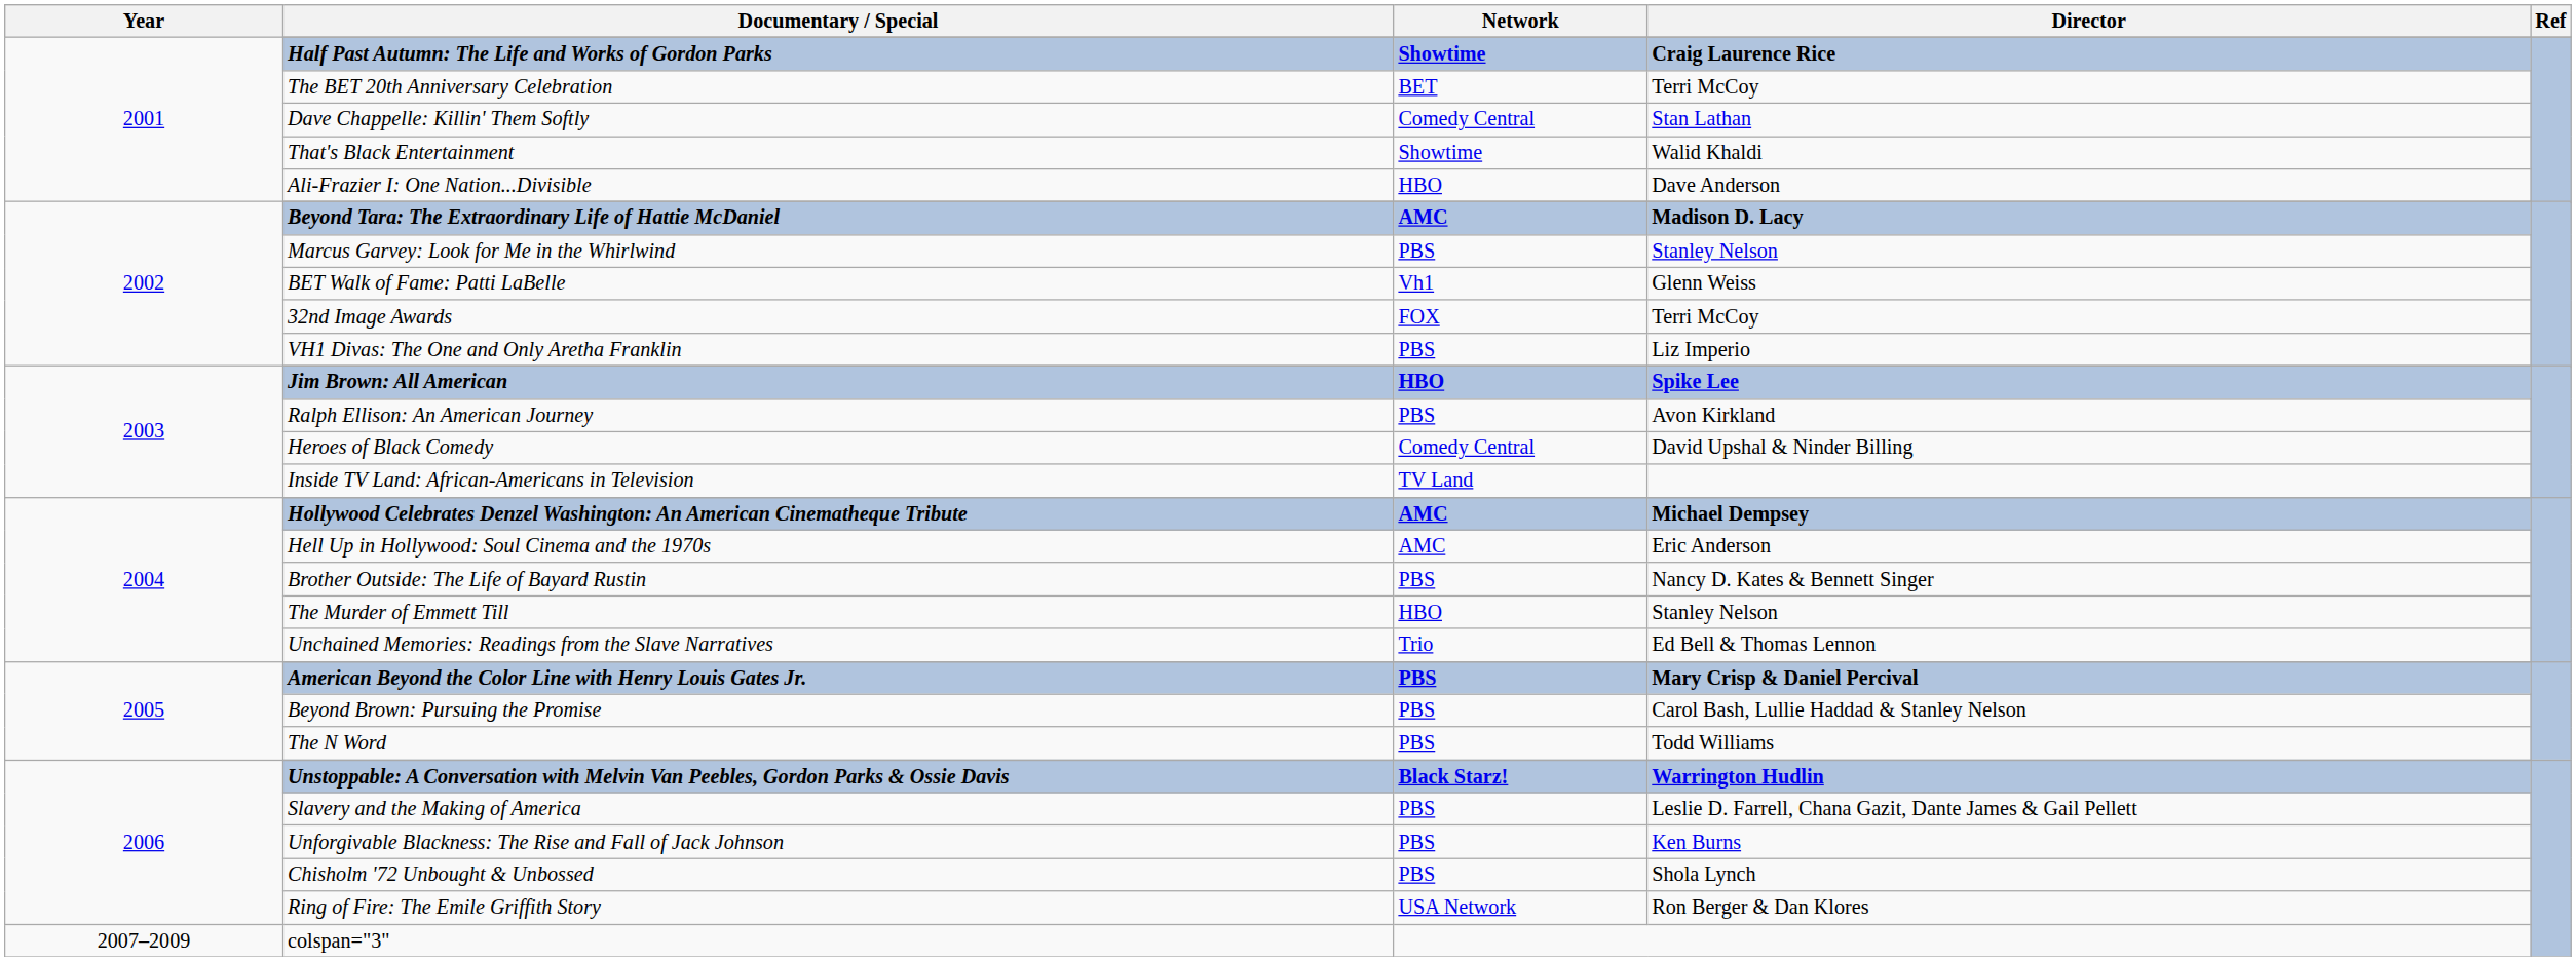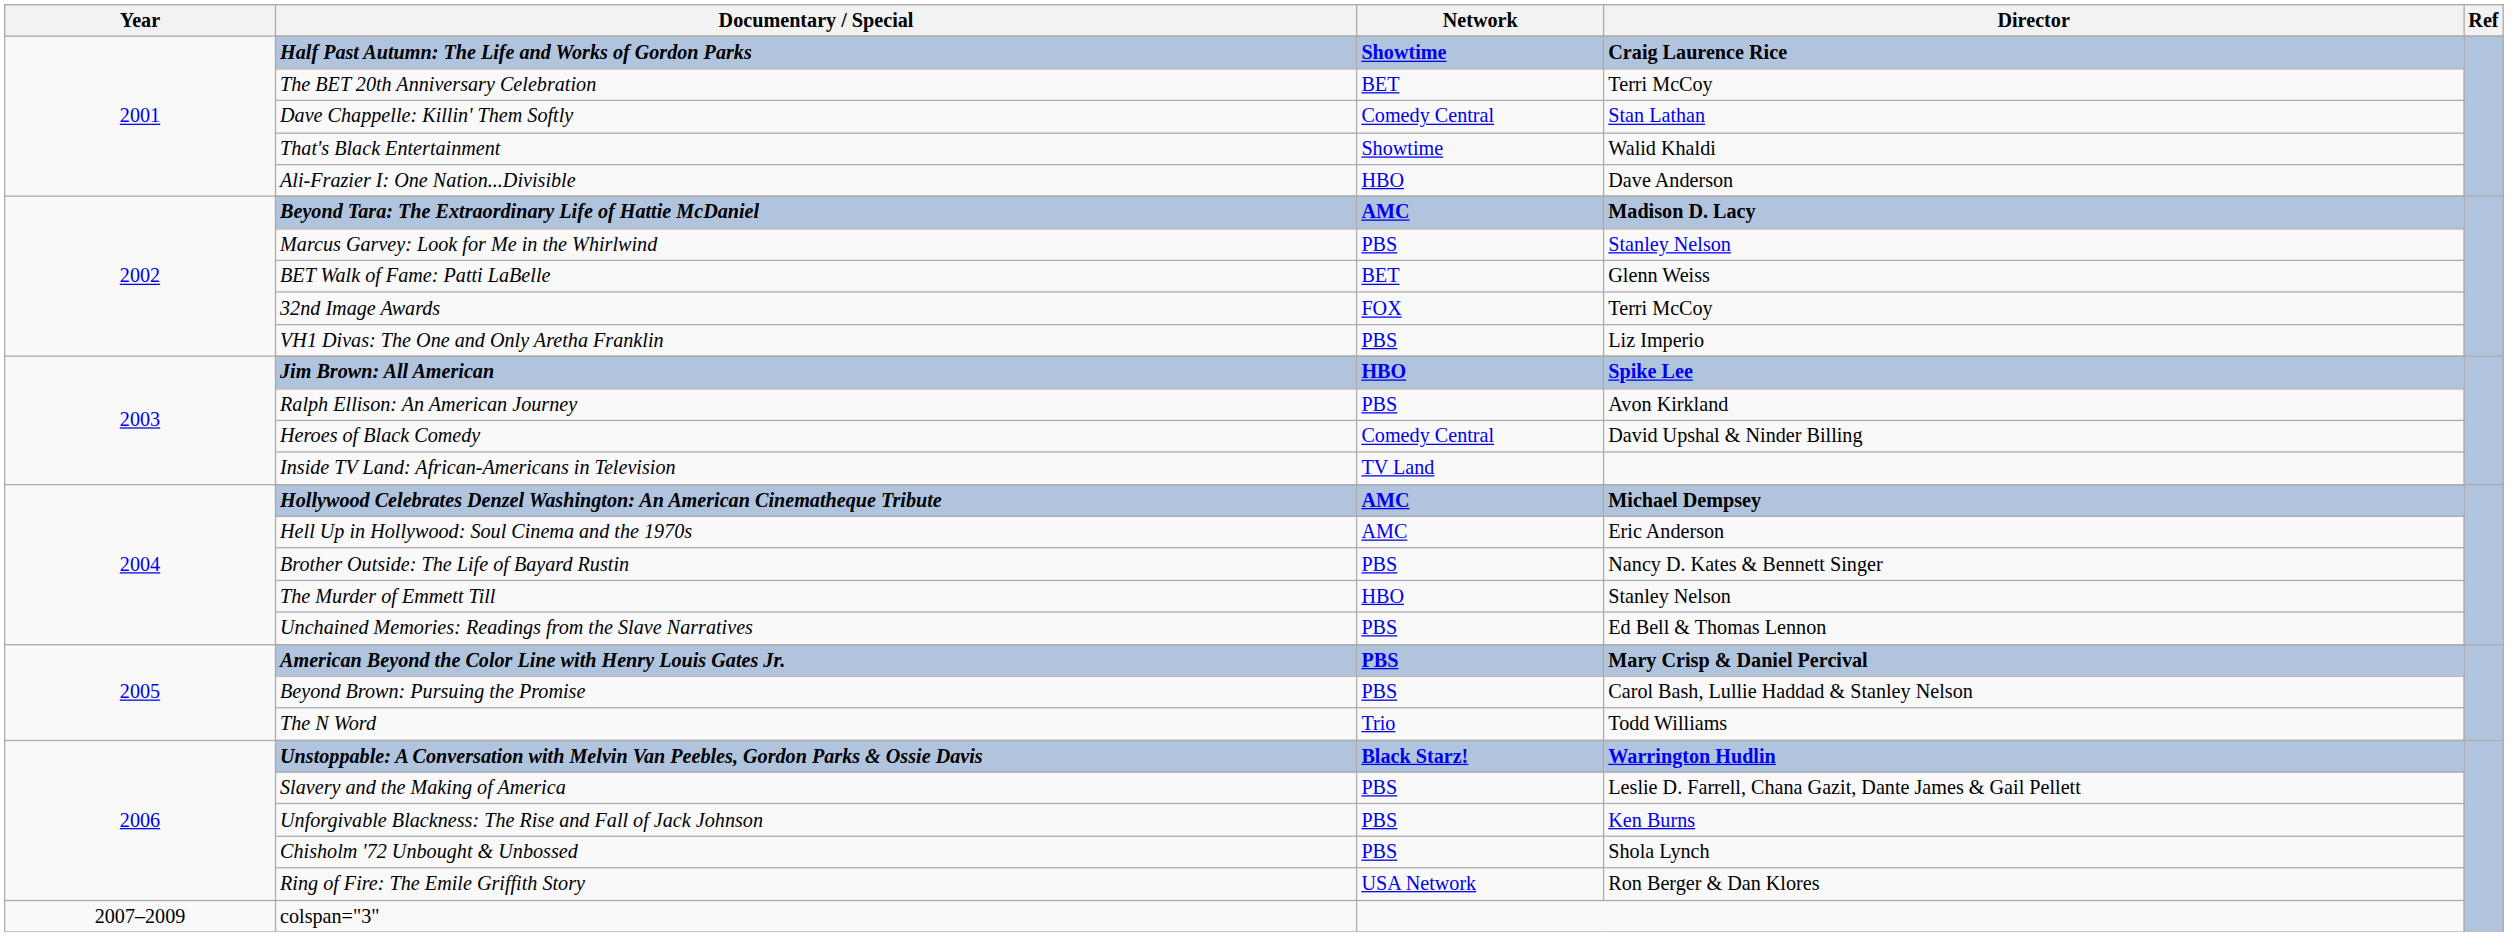 <table class="wikitable" style="width:100%;">
 <tr style="background:#bebebe;">
 <th style="width:11%;">Year</th>
 <th style="width:44%;">Documentary / Special</th>
 <th style="width:10%;">Network</th>
 <th style="width:35%;">Director</th>
 <th style="width:5%;">Ref</th>
 </tr>
 <tr>
 <td rowspan="6" align="center"><a href='#'>2001</a></td>
 </tr>
 <tr style="background:#B0C4DE">
 <td><strong><em>Half Past Autumn: The Life and Works of Gordon Parks</em></strong></td>
 <td><strong><a href='#'>Showtime</a></strong></td>
 <td><strong>Craig Laurence Rice</strong></td>
 <td rowspan="6" align="center"></td>
 </tr>
 <tr>
 <td><em>The BET 20th Anniversary Celebration</em></td>
 <td><a href='#'>BET</a></td>
 <td>Terri McCoy</td>
 </tr>
 <tr>
 <td><em>Dave Chappelle: Killin' Them Softly</em></td>
 <td><a href='#'>Comedy Central</a></td>
 <td><a href='#'>Stan Lathan</a></td>
 </tr>
 <tr>
 <td><em>That's Black Entertainment</em></td>
 <td><a href='#'>Showtime</a></td>
 <td>Walid Khaldi</td>
 </tr>
 <tr>
 <td><em>Ali-Frazier I: One Nation...Divisible</em></td>
 <td><a href='#'>HBO</a></td>
 <td>Dave Anderson</td>
 </tr>
 <tr>
 <td rowspan="6" align="center"><a href='#'>2002</a></td>
 </tr>
 <tr style="background:#B0C4DE">
 <td><strong><em>Beyond Tara: The Extraordinary Life of Hattie McDaniel</em></strong></td>
 <td><strong><a href='#'>AMC</a></strong></td>
 <td><strong>Madison D. Lacy</strong></td>
 <td rowspan="6" align="center"></td>
 </tr>
 <tr>
 <td><em>Marcus Garvey: Look for Me in the Whirlwind</em></td>
 <td><a href='#'>PBS</a></td>
 <td><a href='#'>Stanley Nelson</a></td>
 </tr>
 <tr>
 <td><em>BET Walk of Fame: Patti LaBelle</em></td>
-<td><a href='#'>Vh1</a></td>
+<td><a href='#'>BET</a></td>
 <td>Glenn Weiss</td>
 </tr>
 <tr>
 <td><em>32nd Image Awards</em></td>
 <td><a href='#'>FOX</a></td>
 <td>Terri McCoy</td>
 </tr>
 <tr>
 <td><em>VH1 Divas: The One and Only Aretha Franklin</em></td>
 <td><a href='#'>PBS</a></td>
 <td>Liz Imperio</td>
 </tr>
 <tr>
 <td rowspan="5" align="center"><a href='#'>2003</a></td>
 </tr>
 <tr style="background:#B0C4DE">
 <td><strong><em>Jim Brown: All American</em></strong></td>
 <td><strong><a href='#'>HBO</a></strong></td>
 <td><strong><a href='#'>Spike Lee</a></strong></td>
 <td rowspan="5" align="center"></td>
 </tr>
 <tr>
 <td><em>Ralph Ellison: An American Journey</em></td>
 <td><a href='#'>PBS</a></td>
 <td>Avon Kirkland</td>
 </tr>
 <tr>
 <td><em>Heroes of Black Comedy</em></td>
 <td><a href='#'>Comedy Central</a></td>
 <td>David Upshal & Ninder Billing</td>
 </tr>
 <tr>
 <td><em>Inside TV Land: African-Americans in Television</em></td>
 <td><a href='#'>TV Land</a></td>
 <td></td>
 </tr>
 <tr>
 <td rowspan="6" align="center"><a href='#'>2004</a></td>
 </tr>
 <tr style="background:#B0C4DE">
 <td><strong><em>Hollywood Celebrates Denzel Washington: An American Cinematheque Tribute</em></strong></td>
 <td><strong><a href='#'>AMC</a></strong></td>
 <td><strong>Michael Dempsey</strong></td>
 <td rowspan="6" align="center"></td>
 </tr>
 <tr>
 <td><em>Hell Up in Hollywood: Soul Cinema and the 1970s</em></td>
 <td><a href='#'>AMC</a></td>
 <td>Eric Anderson</td>
 </tr>
 <tr>
 <td><em>Brother Outside: The Life of Bayard Rustin</em></td>
 <td><a href='#'>PBS</a></td>
 <td>Nancy D. Kates & Bennett Singer</td>
 </tr>
 <tr>
 <td><em>The Murder of Emmett Till</em></td>
 <td><a href='#'>HBO</a></td>
 <td>Stanley Nelson</td>
 </tr>
 <tr>
 <td><em>Unchained Memories: Readings from the Slave Narratives</em></td>
-<td><a href='#'> Trio</a></td>
+<td><a href='#'>PBS</a></td>
 <td>Ed Bell & Thomas Lennon</td>
 </tr>
 <tr>
 <td rowspan="4" align="center"><a href='#'>2005</a></td>
 </tr>
 <tr style="background:#B0C4DE">
 <td><strong><em>American Beyond the Color Line with Henry Louis Gates Jr.</em></strong></td>
 <td><strong><a href='#'>PBS</a></strong></td>
 <td><strong>Mary Crisp & Daniel Percival</strong></td>
 <td rowspan="4" align="center"></td>
 </tr>
 <tr>
 <td><em>Beyond Brown: Pursuing the Promise</em></td>
 <td><a href='#'>PBS</a></td>
 <td>Carol Bash, Lullie Haddad & Stanley Nelson</td>
 </tr>
 <tr>
 <td><em>The N Word</em></td>
-<td><a href='#'>PBS</a></td>
+<td><a href='#'> Trio</a></td>
 <td>Todd Williams</td>
 </tr>
 <tr>
 <td rowspan="6" align="center"><a href='#'>2006</a></td>
 </tr>
 <tr style="background:#B0C4DE">
 <td><strong><em>Unstoppable: A Conversation with Melvin Van Peebles, Gordon Parks & Ossie Davis</em></strong></td>
 <td><strong><a href='#'>Black Starz!</a></strong></td>
 <td><strong><a href='#'>Warrington Hudlin</a></strong></td>
 <td rowspan="6" align="center"></td>
 </tr>
 <tr>
 <td><em>Slavery and the Making of America</em></td>
 <td><a href='#'>PBS</a></td>
 <td>Leslie D. Farrell, Chana Gazit, Dante James & Gail Pellett</td>
 </tr>
 <tr>
 <td><em>Unforgivable Blackness: The Rise and Fall of Jack Johnson</em></td>
 <td><a href='#'>PBS</a></td>
 <td><a href='#'>Ken Burns</a></td>
 </tr>
 <tr>
 <td><em>Chisholm '72 Unbought & Unbossed</em></td>
 <td><a href='#'>PBS</a></td>
 <td>Shola Lynch</td>
 </tr>
 <tr>
 <td><em>Ring of Fire: The Emile Griffith Story</em></td>
 <td><a href='#'>USA Network</a></td>
 <td>Ron Berger & Dan Klores</td>
 </tr>
 <tr>
 <td align="center">2007–2009</td>
 <td>colspan="3" </td>
 </tr>
 </table>
